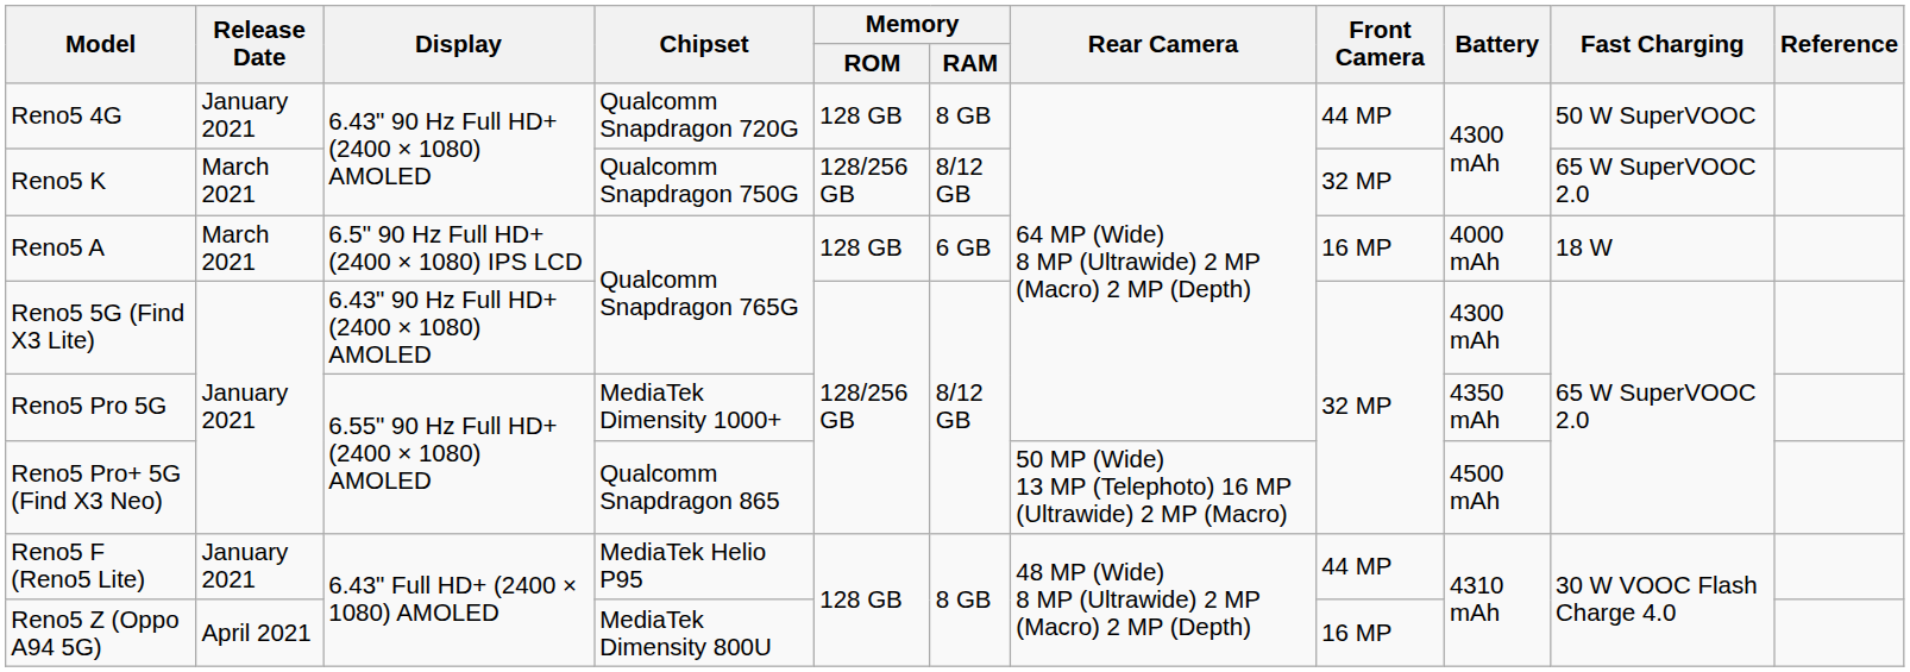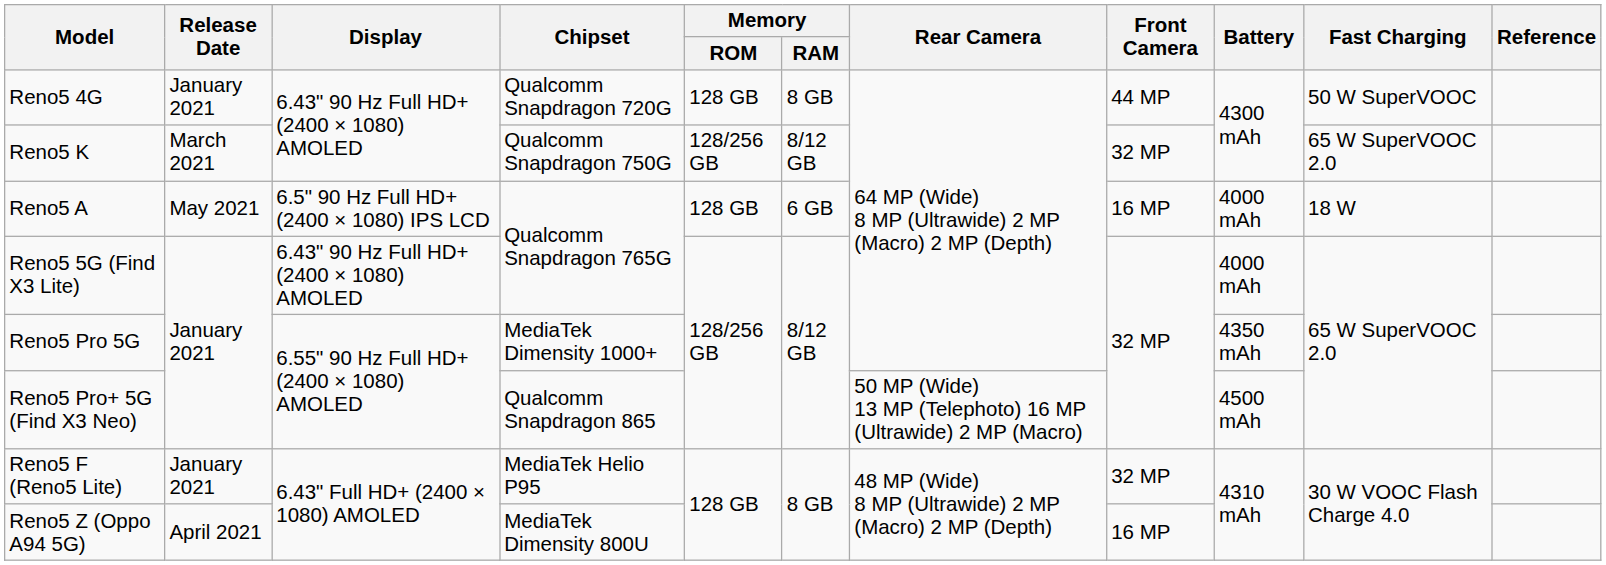 <table class="wikitable sortable">
 <tr>
 <th rowspan="2">Model</th>
 <th rowspan="2">Release Date</th>
 <th rowspan="2">Display</th>
 <th rowspan="2">Chipset</th>
 <th colspan="2">Memory</th>
 <th rowspan="2">Rear Camera</th>
 <th rowspan="2">Front Camera</th>
 <th rowspan="2">Battery</th>
 <th rowspan="2">Fast Charging</th>
 <th rowspan="2">Reference</th>
 </tr>
 <tr>
 <th>ROM</th>
 <th>RAM</th>
 </tr>
 <tr>
 <td>Reno5 4G</td>
 <td>January 2021</td>
 <td rowspan="2">6.43" 90 Hz Full HD+ (2400 × 1080) AMOLED</td>
 <td>Qualcomm Snapdragon 720G</td>
 <td>128 GB</td>
 <td>8 GB</td>
 <td rowspan="5">64 MP (Wide)<br>8 MP (Ultrawide) 2 MP (Macro) 2 MP (Depth)</td>
 <td>44 MP</td>
 <td rowspan="2">4300 mAh</td>
 <td>50 W SuperVOOC</td>
 <td></td>
 </tr>
 <tr>
 <td>Reno5 K</td>
 <td>March 2021</td>
 <td>Qualcomm Snapdragon 750G</td>
 <td>128/256 GB</td>
 <td>8/12 GB</td>
 <td>32 MP</td>
 <td>65 W SuperVOOC 2.0</td>
 <td></td>
 </tr>
 <tr>
 <td>Reno5 A</td>
-<td>March 2021</td>
+<td>May 2021</td>
 <td>6.5" 90 Hz Full HD+ (2400 × 1080) IPS LCD</td>
 <td rowspan="2">Qualcomm Snapdragon 765G</td>
 <td>128 GB</td>
 <td>6 GB</td>
 <td>16 MP</td>
 <td>4000 mAh</td>
 <td>18 W</td>
 <td></td>
 </tr>
 <tr>
 <td>Reno5 5G (Find X3 Lite)</td>
 <td rowspan="3">January 2021</td>
 <td>6.43" 90 Hz Full HD+ (2400 × 1080) AMOLED</td>
 <td rowspan="3">128/256 GB</td>
 <td rowspan="3">8/12 GB</td>
 <td rowspan="3">32 MP</td>
-<td>4300 mAh</td>
+<td>4000 mAh</td>
 <td rowspan="3">65 W SuperVOOC 2.0</td>
 <td></td>
 </tr>
 <tr>
 <td>Reno5 Pro 5G</td>
 <td rowspan="2">6.55" 90 Hz Full HD+ (2400 × 1080) AMOLED</td>
 <td>MediaTek Dimensity 1000+</td>
 <td>4350 mAh</td>
 <td></td>
 </tr>
 <tr>
 <td>Reno5 Pro+ 5G (Find X3 Neo)</td>
 <td>Qualcomm Snapdragon 865</td>
 <td>50 MP (Wide)<br>13 MP (Telephoto) 16 MP (Ultrawide) 2 MP (Macro)</td>
 <td>4500 mAh</td>
 <td></td>
 </tr>
 <tr>
 <td>Reno5 F (Reno5 Lite)</td>
 <td>January 2021</td>
 <td rowspan="2">6.43" Full HD+ (2400 × 1080) AMOLED</td>
 <td>MediaTek Helio P95</td>
 <td rowspan="2">128 GB</td>
 <td rowspan="2">8 GB</td>
 <td rowspan="2">48 MP (Wide)<br>8 MP (Ultrawide) 2 MP (Macro) 2 MP (Depth)</td>
-<td>44 MP</td>
+<td>32 MP</td>
 <td rowspan="2">4310 mAh</td>
 <td rowspan="2">30 W VOOC Flash Charge 4.0</td>
 <td></td>
 </tr>
 <tr>
 <td>Reno5 Z (Oppo A94 5G)</td>
 <td>April 2021</td>
 <td>MediaTek Dimensity 800U</td>
 <td>16 MP</td>
 <td></td>
 </tr>
 </table>
